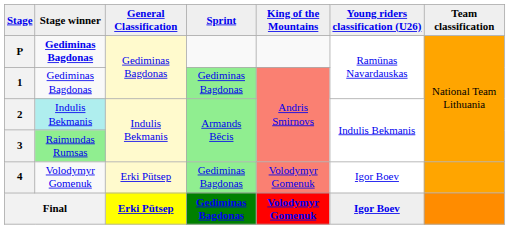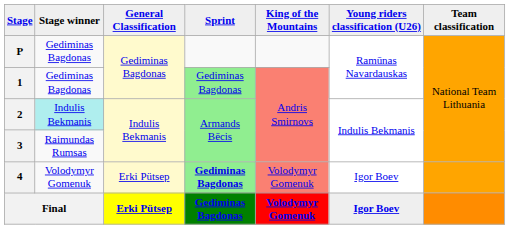 <table class="wikitable"  style="text-align: center; font-size:smaller;">
 <tr>
 <td style="background:#EFEFEF;"><strong><a href='#'>Stage</a></strong></td>
 <td style="background:#EFEFEF;"><strong>Stage winner</strong></td>
 <td style="background:#EFEFEF"><strong><a href='#'>General Classification</a></strong><br></td>
 <td style="background:#EFEFEF"><strong><a href='#'>Sprint</a></strong><br></td>
 <td style="background:#EFEFEF"><strong><a href='#'>King of the Mountains</a></strong><br></td>
 <td style="background:#EFEFEF;"><strong><a href='#'>Young riders classification (U26)</a></strong><br></td>
 <td style="background:#EFEFEF;"><strong>Team classification</strong></td>
 </tr>
 <tr>
 <th>P</th>
-<td><strong><a href='#'>Gediminas Bagdonas</a></strong></td>
+<td><a href='#'>Gediminas Bagdonas</a></td>
 <td rowspan=2 style="background:lemonchiffon"><a href='#'>Gediminas Bagdonas</a></td>
 <td> </td>
 <td> </td>
 <td rowspan=2 style="background:white"><a href='#'>Ramūnas Navardauskas</a></td>
 <td rowspan=4 style="background:orange">National Team Lithuania</td>
 </tr>
 <tr>
 <th>1</th>
 <td><a href='#'>Gediminas Bagdonas</a></td>
 <td style="background:lightgreen"><a href='#'>Gediminas Bagdonas</a></td>
 <td rowspan=3 style="background:salmon"><a href='#'>Andris Smirnovs</a></td>
 </tr>
 <tr>
 <th>2</th>
 <td style="background: paleturquoise;"><a href='#'>Indulis Bekmanis</a></td>
 <td rowspan=2 style="background:lemonchiffon"><a href='#'>Indulis Bekmanis</a></td>
 <td rowspan=2 style="background:lightgreen"><a href='#'>Armands Bēcis</a></td>
 <td rowspan=2 style="background:white"><a href='#'>Indulis Bekmanis</a></td>
 </tr>
 <tr>
 <th>3</th>
-<td style="background: lightgreen;"><a href='#'>Raimundas Rumsas</a></td>
+<td><a href='#'>Raimundas Rumsas</a></td>
 </tr>
 <tr>
 <th>4</th>
 <td><a href='#'>Volodymyr Gomenuk</a></td>
 <td style="background:lemonchiffon"><a href='#'>Erki Pütsep</a></td>
-<td style="background:lightgreen"><a href='#'>Gediminas Bagdonas</a></td>
+<td style="background:lightgreen"><strong><a href='#'>Gediminas Bagdonas</a></strong></td>
 <td style="background:salmon"><a href='#'>Volodymyr Gomenuk</a></td>
 <td style="background:white"><a href='#'>Igor Boev</a></td>
 <td style="background:orange"></td>
 </tr>
 <tr>
 <th colspan=2><strong>Final</strong></th>
 <td style="background:yellow"><strong><a href='#'>Erki Pütsep</a></strong></td>
 <td style="background:green"><strong><a href='#'>Gediminas Bagdonas</a></strong></td>
 <td style="background:red"><strong><a href='#'>Volodymyr Gomenuk</a></strong></td>
 <td style="background:#EFEFEF;"><strong><a href='#'>Igor Boev</a></strong></td>
 <td style="background:darkorange"><strong></strong></td>
 </tr>
 </table>
